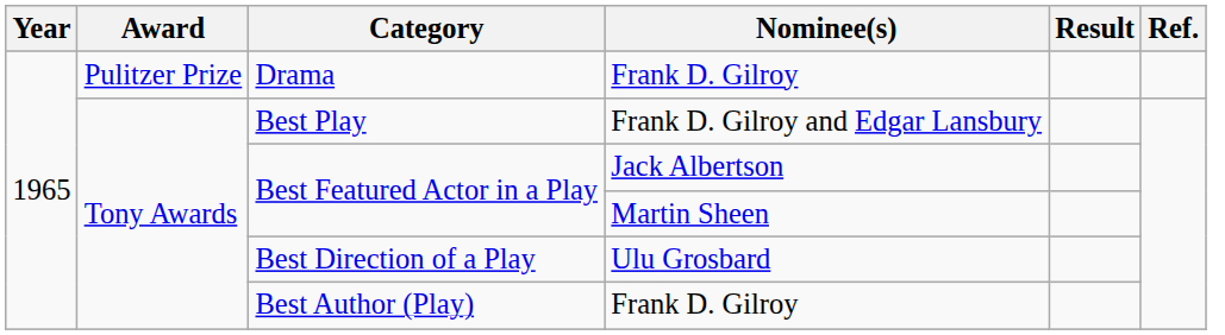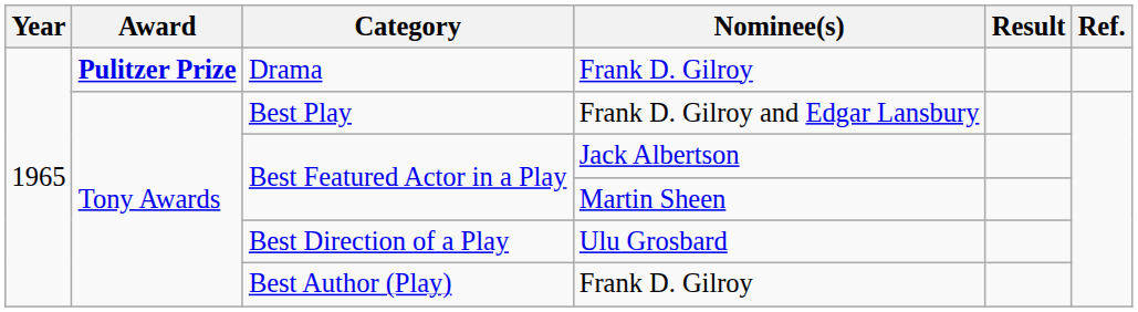 <table class="wikitable plainrowheaders">
 <tr>
 <th>Year</th>
 <th>Award</th>
 <th>Category</th>
 <th>Nominee(s)</th>
 <th>Result</th>
 <th>Ref.</th>
 </tr>
 <tr>
 <td rowspan="6" align="center">1965</td>
-<td><a href='#'>Pulitzer Prize</a></td>
+<td><strong><a href='#'>Pulitzer Prize</a></strong></td>
 <td><a href='#'>Drama</a></td>
 <td><a href='#'>Frank D. Gilroy</a></td>
 <td></td>
 <td align="center"></td>
 </tr>
 <tr>
 <td rowspan="5"><a href='#'>Tony Awards</a></td>
 <td><a href='#'>Best Play</a></td>
 <td>Frank D. Gilroy and <a href='#'>Edgar Lansbury</a></td>
 <td></td>
 <td align="center" rowspan="5"></td>
 </tr>
 <tr>
 <td rowspan="2"><a href='#'>Best Featured Actor in a Play</a></td>
 <td><a href='#'>Jack Albertson</a></td>
 <td></td>
 </tr>
 <tr>
 <td><a href='#'>Martin Sheen</a></td>
 <td></td>
 </tr>
 <tr>
 <td><a href='#'>Best Direction of a Play</a></td>
 <td><a href='#'>Ulu Grosbard</a></td>
 <td></td>
 </tr>
 <tr>
 <td><a href='#'>Best Author (Play)</a></td>
 <td>Frank D. Gilroy</td>
 <td></td>
 </tr>
 </table>
